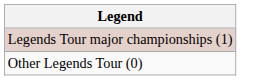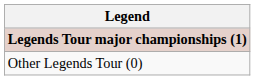 <table class="wikitable" style="font-size:95%;">
 <tr>
 <th>Legend</th>
 </tr>
 <tr style="background:#e5d1cb;">
-<td>Legends Tour major championships (1)</td>
+<td><strong>Legends Tour major championships (1)</strong></td>
 </tr>
 <tr>
 <td>Other Legends Tour (0)</td>
 </tr>
 </table>
